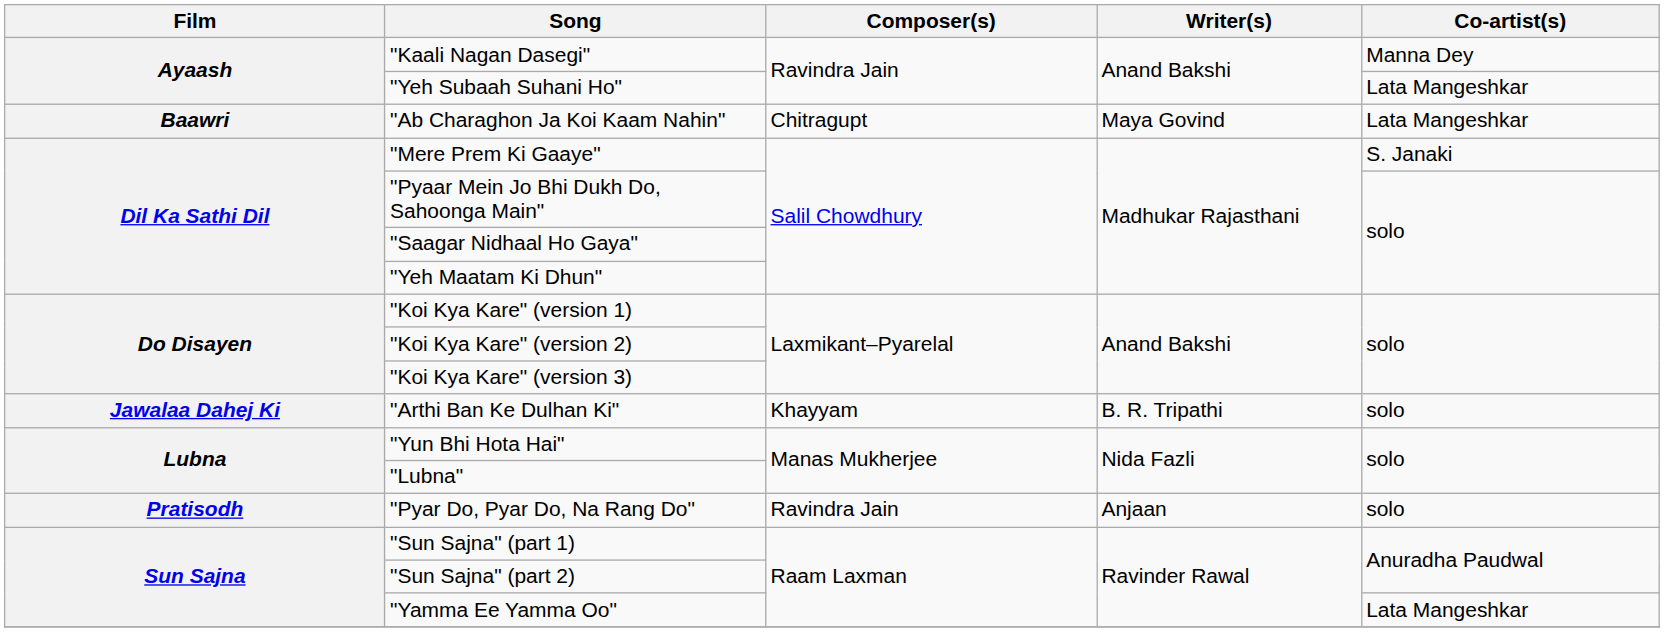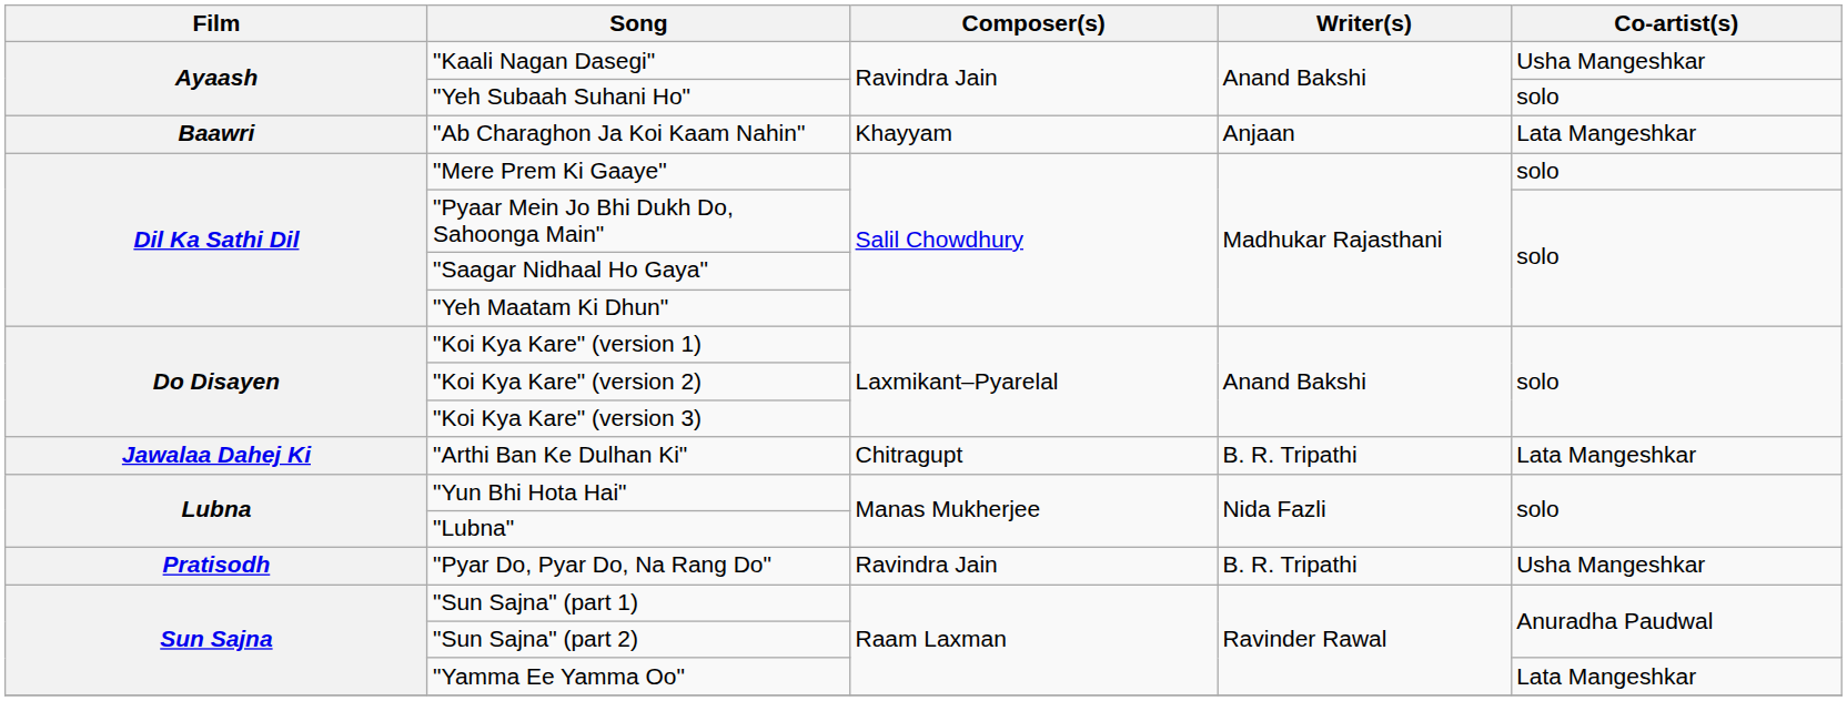 <table class="wikitable plainrowheaders" style="width:100%;" textcolor:#000;">
 <tr style="background:#b0e0e66;">
 <th scope="col" style="width:23%;"><strong>Film</strong></th>
 <th scope="col" style="width:23%;"><strong>Song</strong></th>
 <th scope="col" style="width:20%;"><strong>Composer(s)</strong></th>
 <th scope="col" style="width:16%;"><strong>Writer(s)</strong></th>
 <th scope="col" style="width:18%;"><strong>Co-artist(s)</strong></th>
 </tr>
 <tr>
 <th Rowspan=2><em>Ayaash</em></th>
 <td>"Kaali Nagan Dasegi"</td>
 <td rowspan=2>Ravindra Jain</td>
 <td rowspan=2>Anand Bakshi</td>
-<td>Manna Dey</td>
+<td>Usha Mangeshkar</td>
 </tr>
 <tr>
 <td>"Yeh Subaah Suhani Ho"</td>
-<td>Lata Mangeshkar</td>
+<td>solo</td>
 </tr>
 <tr>
 <th><em>Baawri</em></th>
 <td>"Ab Charaghon Ja Koi Kaam Nahin"</td>
-<td>Chitragupt</td>
-<td>Maya Govind</td>
+<td>Khayyam</td>
+<td>Anjaan</td>
 <td>Lata Mangeshkar</td>
 </tr>
 <tr>
 <th rowspan="4"><a href='#'><em>Dil Ka Sathi Dil</em></a></th>
 <td>"Mere Prem Ki Gaaye"</td>
 <td rowspan=4><a href='#'>Salil Chowdhury</a></td>
 <td rowspan=4>Madhukar Rajasthani</td>
-<td>S. Janaki</td>
+<td>solo</td>
 </tr>
 <tr>
 <td>"Pyaar Mein Jo Bhi Dukh Do, Sahoonga Main"</td>
 <td rowspan=3>solo</td>
 </tr>
 <tr>
 <td>"Saagar Nidhaal Ho Gaya"</td>
 </tr>
 <tr>
 <td>"Yeh Maatam Ki Dhun"</td>
 </tr>
 <tr>
 <th Rowspan=3><em>Do Disayen</em></th>
 <td>"Koi Kya Kare" (version 1)</td>
 <td rowspan=3>Laxmikant–Pyarelal</td>
 <td rowspan=3>Anand Bakshi</td>
 <td rowspan=3>solo</td>
 </tr>
 <tr>
 <td>"Koi Kya Kare" (version 2)</td>
 </tr>
 <tr>
 <td>"Koi Kya Kare" (version 3)</td>
 </tr>
 <tr>
 <th><em><a href='#'>Jawalaa Dahej Ki</a></em></th>
 <td>"Arthi Ban Ke Dulhan Ki"</td>
-<td>Khayyam</td>
+<td>Chitragupt</td>
 <td>B. R. Tripathi</td>
-<td>solo</td>
+<td>Lata Mangeshkar</td>
 </tr>
 <tr>
 <th Rowspan=2><em>Lubna</em></th>
 <td>"Yun Bhi Hota Hai"</td>
 <td Rowspan=2>Manas Mukherjee</td>
 <td rowspan=2>Nida Fazli</td>
 <td rowspan=2>solo</td>
 </tr>
 <tr>
 <td>"Lubna"</td>
 </tr>
 <tr>
 <th><em><a href='#'>Pratisodh</a></em></th>
 <td>"Pyar Do, Pyar Do, Na Rang Do"</td>
 <td>Ravindra Jain</td>
-<td>Anjaan</td>
-<td>solo</td>
+<td>B. R. Tripathi</td>
+<td>Usha Mangeshkar</td>
 </tr>
 <tr>
 <th Rowspan=3><em><a href='#'>Sun Sajna</a></em></th>
 <td>"Sun Sajna" (part 1)</td>
 <td Rowspan=3>Raam Laxman</td>
 <td rowspan=3>Ravinder Rawal</td>
 <td rowspan=2>Anuradha Paudwal</td>
 </tr>
 <tr>
 <td>"Sun Sajna" (part 2)</td>
 </tr>
 <tr>
 <td>"Yamma Ee Yamma Oo"</td>
 <td>Lata Mangeshkar</td>
 </tr>
 <tr>
 </tr>
 </table>
